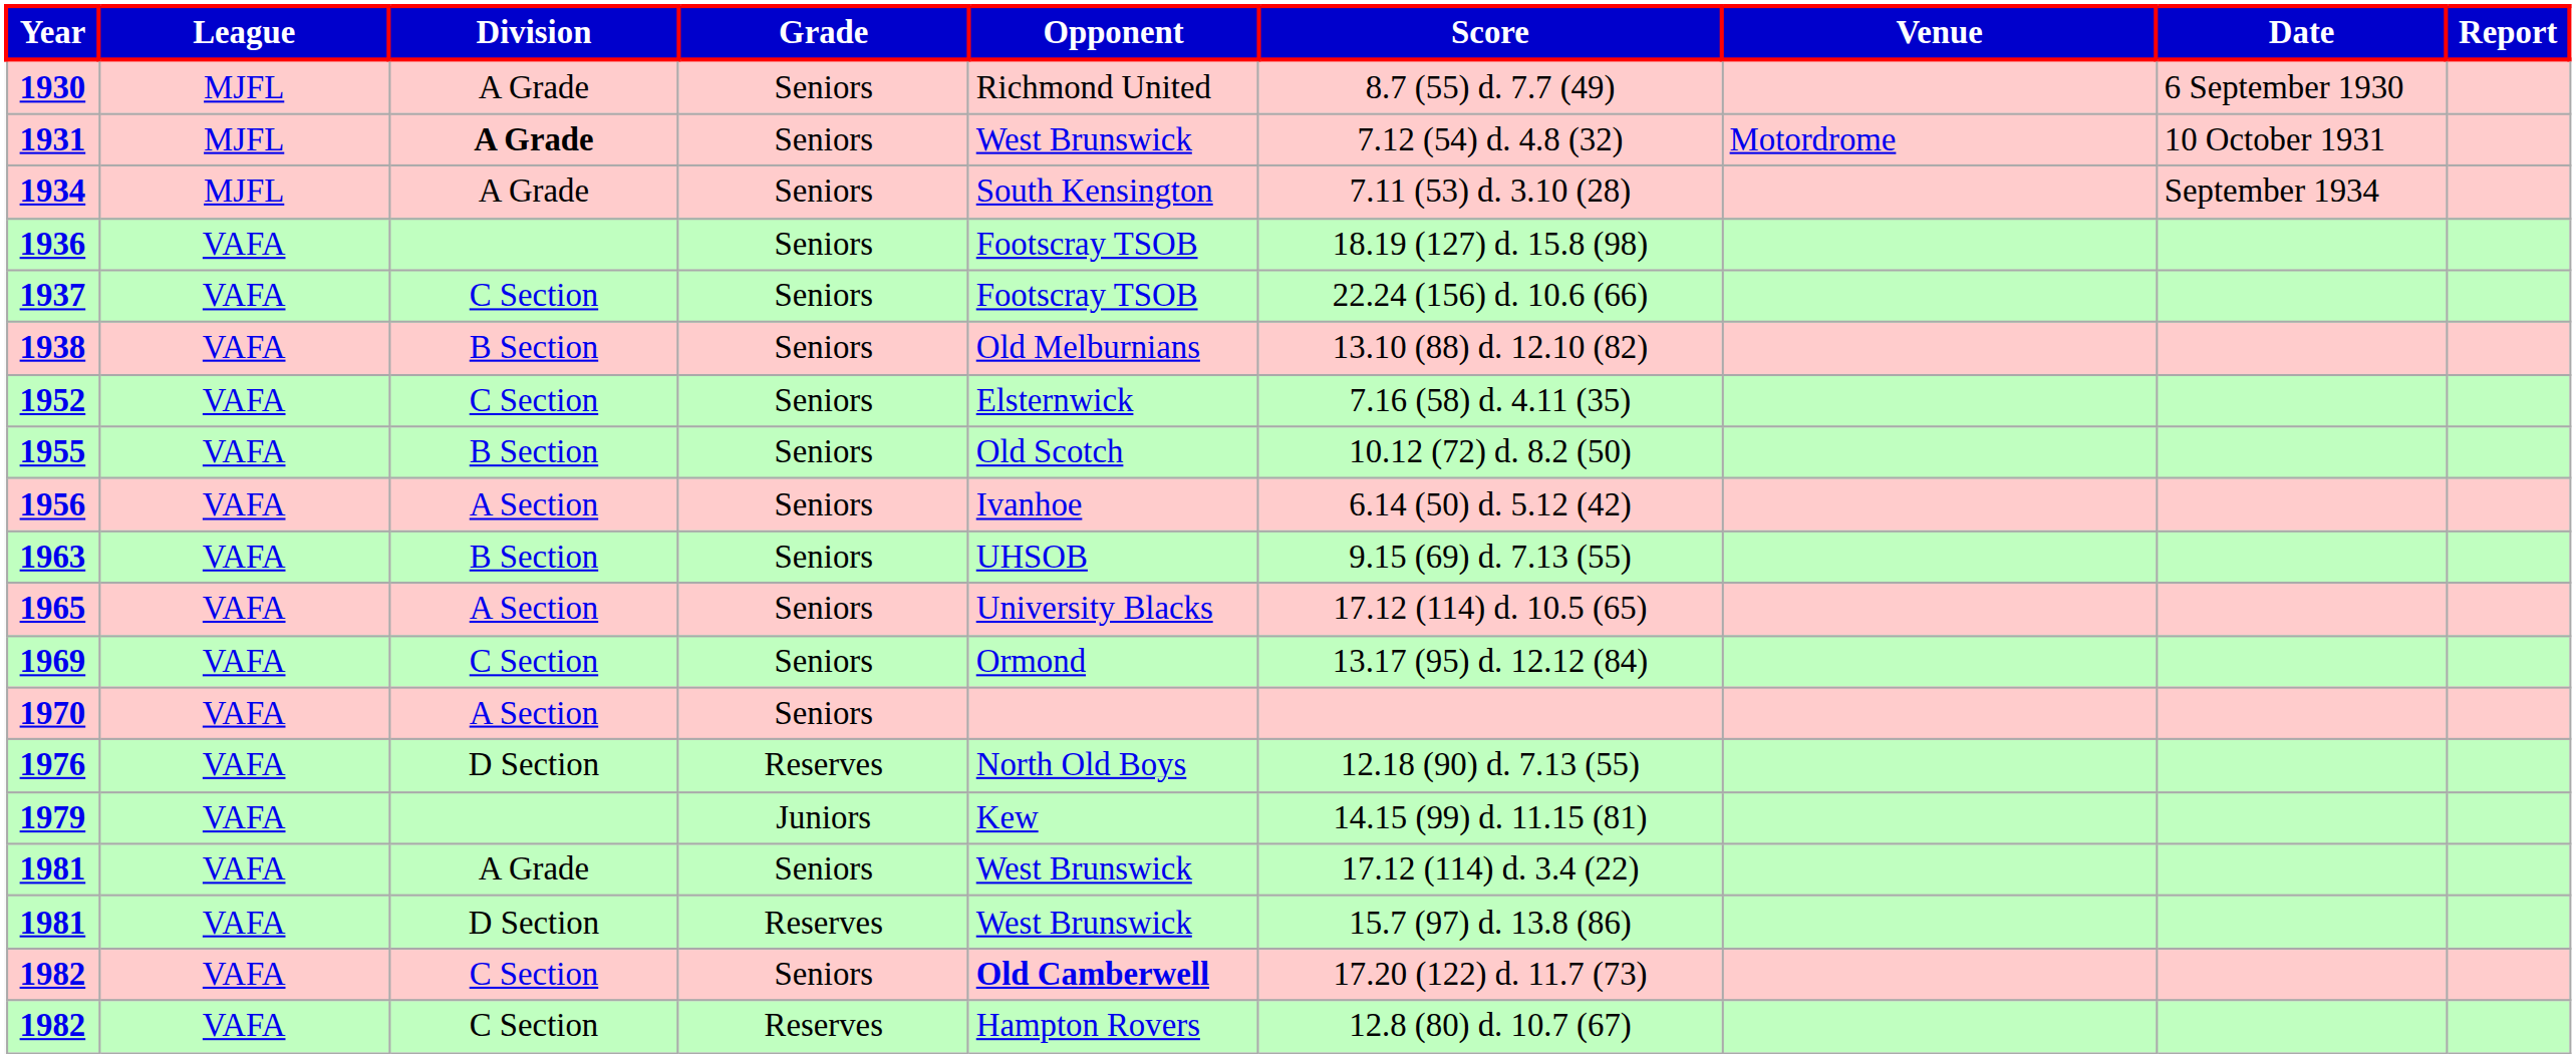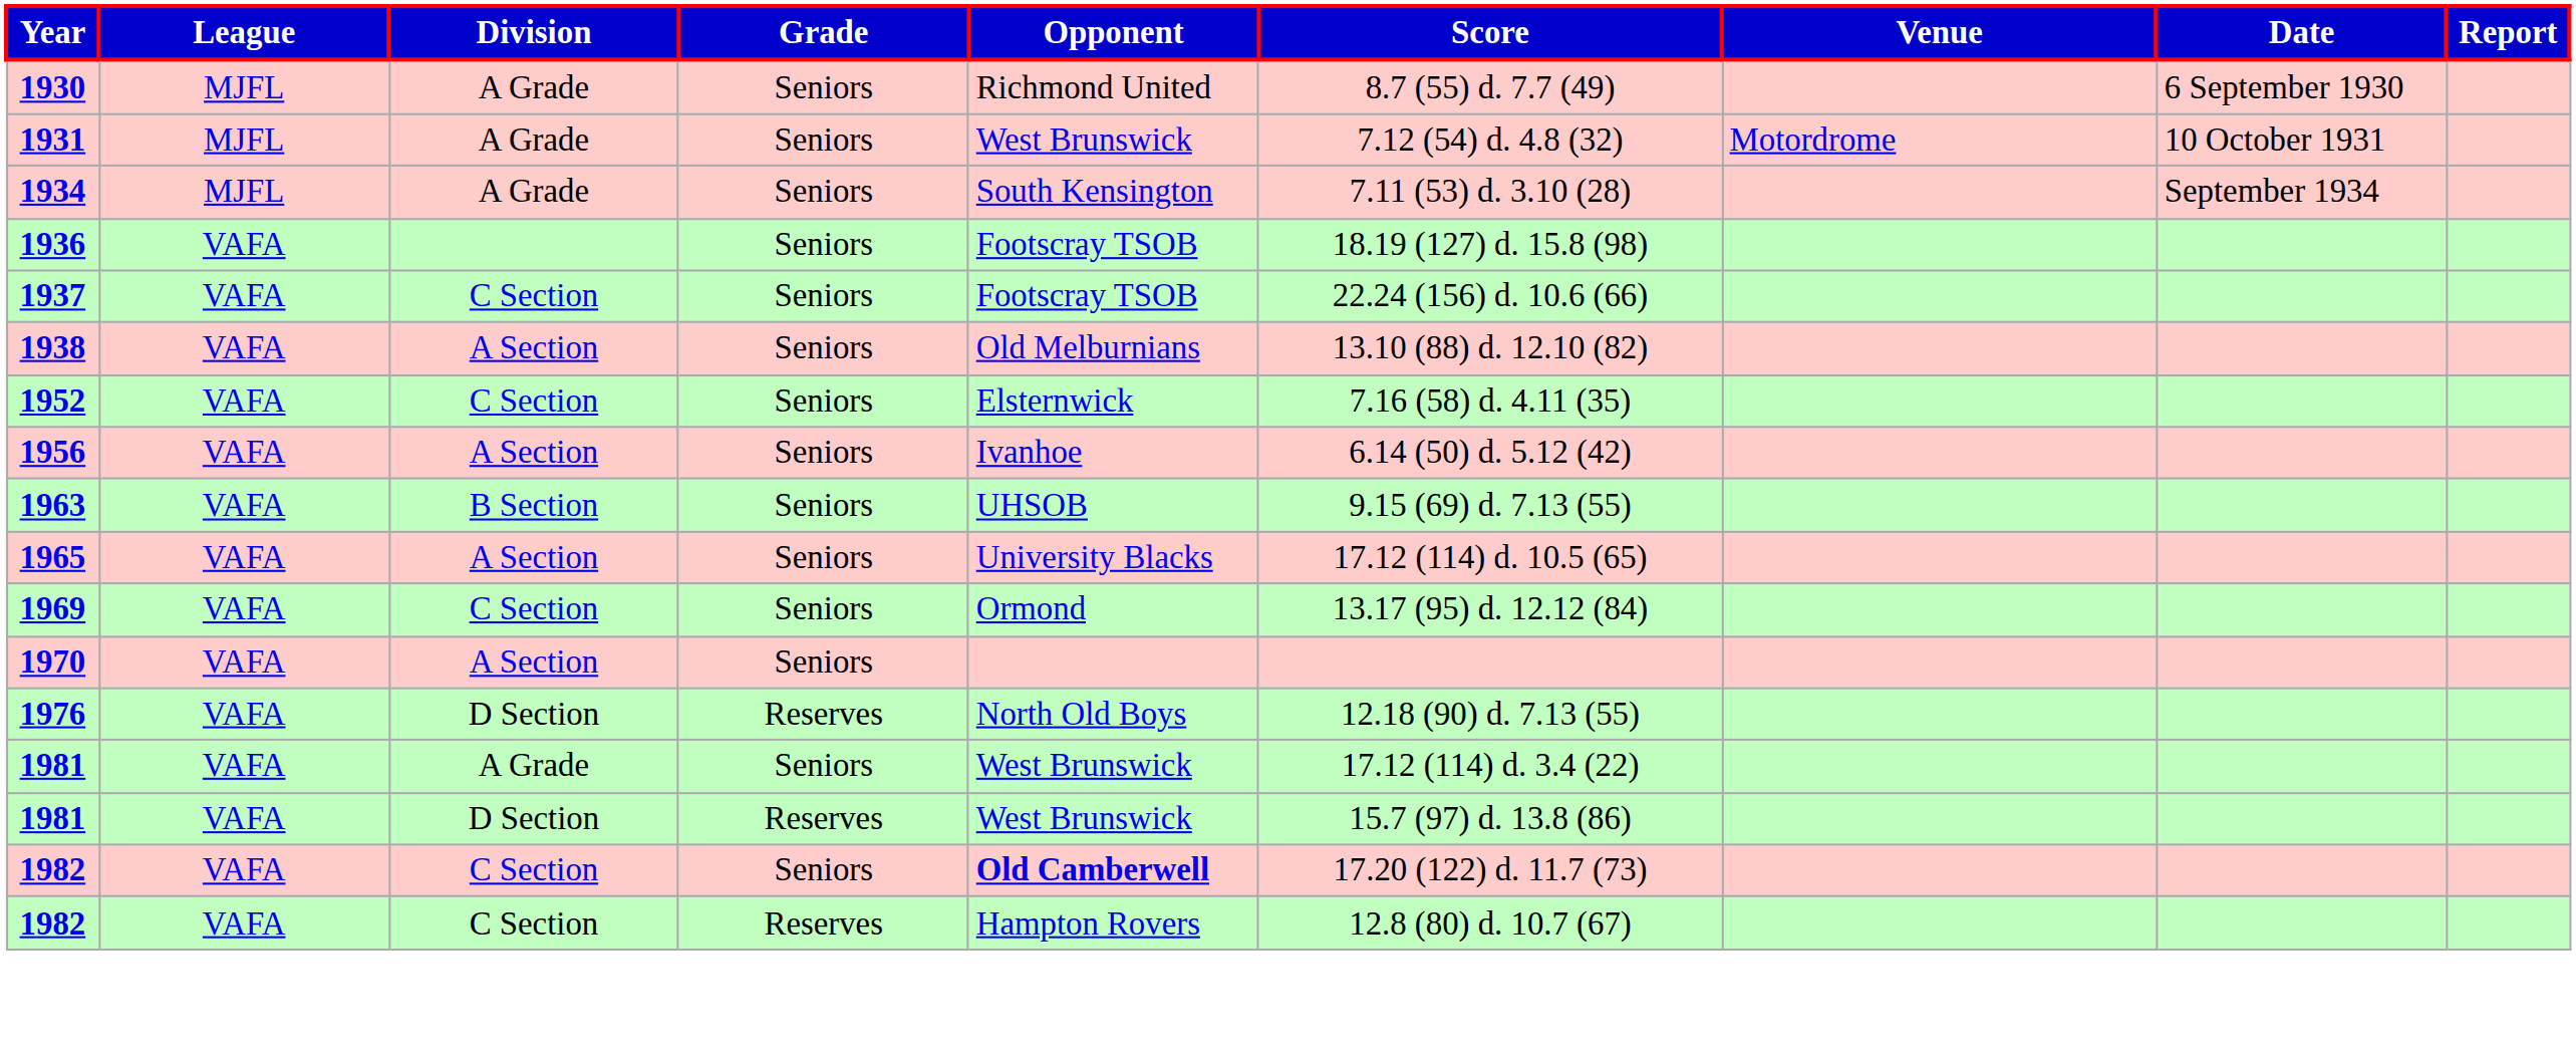 <table class="wikitable" style="text-align:center; text-valign:center">
 <tr>
 <th style="background:#0000cc; color:#FFFFFF; border:solid #FF0000 2px"; width=3%>Year</th>
 <th style="background:#0000cc; color:#FFFFFF; border:solid #FF0000 2px"; width=10%>League</th>
 <th style="background:#0000cc; color:#FFFFFF; border:solid #FF0000 2px"; width=10%>Division</th>
 <th style="background:#0000cc; color:#FFFFFF; border:solid #FF0000 2px"; width=10%>Grade</th>
 <th style="background:#0000cc; color:#FFFFFF; border:solid #FF0000 2px"; width=10%>Opponent</th>
 <th style="background:#0000cc; color:#FFFFFF; border:solid #FF0000 2px"; width=16%>Score</th>
 <th style="background:#0000cc; color:#FFFFFF; border:solid #FF0000 2px"; width=15%>Venue</th>
 <th style="background:#0000cc; color:#FFFFFF; border:solid #FF0000 2px"; width=10%>Date</th>
 <th style="background:#0000cc; color:#FFFFFF; border:solid #FF0000 2px"; width=2%>Report</th>
 </tr>
 <tr style="background:#fcc;">
 <td><strong><a href='#'>1930</a></strong></td>
 <td><a href='#'>MJFL</a></td>
 <td>A Grade</td>
 <td>Seniors</td>
 <td align=left>Richmond United</td>
 <td>8.7 (55) d. 7.7 (49)</td>
 <td align=left></td>
 <td align=left>6 September 1930</td>
 <td></td>
 </tr>
 <tr style="background:#fcc;">
 <td><strong><a href='#'>1931</a></strong></td>
 <td><a href='#'>MJFL</a></td>
-<td><strong>A Grade</strong></td>
+<td>A Grade</td>
 <td>Seniors</td>
 <td align=left><a href='#'>West Brunswick</a></td>
 <td>7.12 (54) d. 4.8 (32)</td>
 <td align=left><a href='#'>Motordrome</a></td>
 <td align=left>10 October 1931</td>
 <td></td>
 </tr>
 <tr style="background:#fcc;">
 <td><strong><a href='#'>1934</a></strong></td>
 <td><a href='#'>MJFL</a></td>
 <td>A Grade</td>
 <td>Seniors</td>
 <td align=left><a href='#'>South Kensington</a></td>
 <td>7.11 (53) d. 3.10 (28)</td>
 <td align=left></td>
 <td align=left>September 1934</td>
 <td></td>
 </tr>
 <tr style="background:#C0FFC0;">
 <td><strong><a href='#'>1936</a></strong></td>
 <td><a href='#'>VAFA</a></td>
 <td></td>
 <td>Seniors</td>
 <td align=left><a href='#'>Footscray TSOB</a></td>
 <td>18.19 (127) d. 15.8 (98)</td>
 <td align=left></td>
 <td align=left></td>
 <td></td>
 </tr>
 <tr style="background:#C0FFC0;">
 <td><strong><a href='#'>1937</a></strong></td>
 <td><a href='#'>VAFA</a></td>
 <td><a href='#'>C Section</a></td>
 <td>Seniors</td>
 <td align=left><a href='#'>Footscray TSOB</a></td>
 <td>22.24 (156) d. 10.6 (66)</td>
 <td align=left></td>
 <td align=left></td>
 <td></td>
 </tr>
 <tr style="background:#fcc;">
 <td><strong><a href='#'>1938</a></strong></td>
 <td><a href='#'>VAFA</a></td>
-<td><a href='#'>B Section</a></td>
+<td><a href='#'>A Section</a></td>
 <td>Seniors</td>
 <td align=left><a href='#'>Old Melburnians</a></td>
 <td>13.10 (88) d. 12.10 (82)</td>
 <td align=left></td>
 <td align=left></td>
 <td></td>
 </tr>
 <tr style="background:#C0FFC0;">
 <td><strong><a href='#'>1952</a></strong></td>
 <td><a href='#'>VAFA</a></td>
 <td><a href='#'>C Section</a></td>
 <td>Seniors</td>
 <td align=left><a href='#'>Elsternwick</a></td>
 <td>7.16 (58) d. 4.11 (35)</td>
-<td align=left></td>
-<td align=left></td>
-<td></td>
-</tr>
-<tr style="background:#C0FFC0;">
-<td><strong><a href='#'>1955</a></strong></td>
-<td><a href='#'>VAFA</a></td>
-<td><a href='#'>B Section</a></td>
-<td>Seniors</td>
-<td align=left><a href='#'>Old Scotch</a></td>
-<td>10.12 (72) d. 8.2 (50)</td>
 <td align=left></td>
 <td align=left></td>
 <td></td>
 </tr>
 <tr style="background:#fcc;">
 <td><strong><a href='#'>1956</a></strong></td>
 <td><a href='#'>VAFA</a></td>
 <td><a href='#'>A Section</a></td>
 <td>Seniors</td>
 <td align=left><a href='#'>Ivanhoe</a></td>
 <td>6.14 (50) d. 5.12 (42)</td>
 <td align=left></td>
 <td align=left></td>
 <td></td>
 </tr>
 <tr style="background:#C0FFC0;">
 <td><strong><a href='#'>1963</a></strong></td>
 <td><a href='#'>VAFA</a></td>
 <td><a href='#'>B Section</a></td>
 <td>Seniors</td>
 <td align=left><a href='#'>UHSOB</a></td>
 <td>9.15 (69) d. 7.13 (55)</td>
 <td align=left></td>
 <td align=left></td>
 <td></td>
 </tr>
 <tr style="background:#fcc;">
 <td><strong><a href='#'>1965</a></strong></td>
 <td><a href='#'>VAFA</a></td>
 <td><a href='#'>A Section</a></td>
 <td>Seniors</td>
 <td align=left><a href='#'>University Blacks</a></td>
 <td>17.12 (114) d. 10.5 (65)</td>
 <td align=left></td>
 <td align=left></td>
 <td></td>
 </tr>
 <tr style="background:#C0FFC0;">
 <td><strong><a href='#'>1969</a></strong></td>
 <td><a href='#'>VAFA</a></td>
 <td><a href='#'>C Section</a></td>
 <td>Seniors</td>
 <td align=left><a href='#'>Ormond</a></td>
 <td>13.17 (95) d. 12.12 (84)</td>
 <td align=left></td>
 <td align=left></td>
 <td></td>
 </tr>
 <tr style="background:#fcc;">
 <td><strong><a href='#'>1970</a></strong></td>
 <td><a href='#'>VAFA</a></td>
 <td><a href='#'>A Section</a></td>
 <td>Seniors</td>
 <td align=left></td>
 <td></td>
 <td align=left></td>
 <td align=left></td>
 <td></td>
 </tr>
 <tr style="background:#C0FFC0;">
 <td><strong><a href='#'>1976</a></strong></td>
 <td><a href='#'>VAFA</a></td>
 <td>D Section</td>
 <td>Reserves</td>
 <td align=left><a href='#'>North Old Boys</a></td>
 <td>12.18 (90) d. 7.13 (55)</td>
 <td align=left></td>
 <td align=left></td>
 <td></td>
 </tr>
 <tr style="background:#C0FFC0;">
-<td><strong><a href='#'>1979</a></strong></td>
-<td><a href='#'>VAFA</a></td>
-<td></td>
-<td>Juniors</td>
-<td align=left><a href='#'>Kew</a></td>
-<td>14.15 (99) d. 11.15 (81)</td>
-<td align=left></td>
-<td align=left></td>
-<td></td>
-</tr>
-<tr style="background:#C0FFC0;">
 <td><strong><a href='#'>1981</a></strong></td>
 <td><a href='#'>VAFA</a></td>
 <td>A Grade</td>
 <td>Seniors</td>
 <td align=left><a href='#'>West Brunswick</a></td>
 <td>17.12 (114) d. 3.4 (22)</td>
 <td align=left></td>
 <td align=left></td>
 <td></td>
 </tr>
 <tr style="background:#C0FFC0;">
 <td><strong><a href='#'>1981</a></strong></td>
 <td><a href='#'>VAFA</a></td>
 <td>D Section</td>
 <td>Reserves</td>
 <td align=left><a href='#'>West Brunswick</a></td>
 <td>15.7 (97) d. 13.8 (86)</td>
 <td align=left></td>
 <td align=left></td>
 <td></td>
 </tr>
 <tr style="background:#fcc;">
 <td><strong><a href='#'>1982</a></strong></td>
 <td><a href='#'>VAFA</a></td>
 <td><a href='#'>C Section</a></td>
 <td>Seniors</td>
 <td align=left><strong><a href='#'>Old Camberwell</a></strong></td>
 <td>17.20 (122) d. 11.7 (73)</td>
 <td align=left></td>
 <td align=left></td>
 <td></td>
 </tr>
 <tr style="background:#C0FFC0;">
 <td><strong><a href='#'>1982</a></strong></td>
 <td><a href='#'>VAFA</a></td>
 <td>C Section</td>
 <td>Reserves</td>
 <td align=left><a href='#'>Hampton Rovers</a></td>
 <td>12.8 (80) d. 10.7 (67)</td>
 <td align=left></td>
 <td align=left></td>
 <td></td>
 </tr>
 </table>
